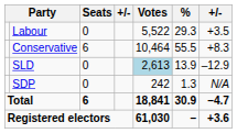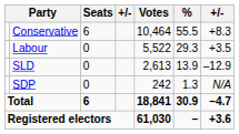 <table class="wikitable sortable">
 <tr>
 <th colspan="2">Party</th>
 <th>Seats</th>
 <th>+/-</th>
 <th>Votes</th>
 <th>%</th>
 <th>+/-</th>
+</tr>
+<tr>
+<td style="background-color: "></td>
+<td><a href='#'>Conservative</a></td>
+<td>6</td>
+<td></td>
+<td style="text-align:right;">10,464</td>
+<td style="text-align:right;">55.5</td>
+<td style="text-align:right;">+8.3</td>
 </tr>
 <tr>
 <td style="background-color: "></td>
 <td><a href='#'>Labour</a></td>
 <td>0</td>
 <td></td>
 <td style="text-align:right;">5,522</td>
 <td style="text-align:right;">29.3</td>
 <td style="text-align:right;">+3.5</td>
 </tr>
 <tr>
 <td style="background-color: "></td>
-<td><a href='#'>Conservative</a></td>
-<td>6</td>
-<td></td>
-<td style="text-align:right;">10,464</td>
-<td style="text-align:right;">55.5</td>
-<td style="text-align:right;">+8.3</td>
-</tr>
-<tr>
-<td style="background-color: "></td>
 <td><a href='#'>SLD</a></td>
 <td>0</td>
 <td></td>
-<td style="background: lightblue; text-align:right;">2,613</td>
+<td style="text-align:right;">2,613</td>
 <td style="text-align:right;">13.9</td>
 <td style="text-align:right;">–12.9</td>
 </tr>
 <tr>
 <td style="background-color: "></td>
 <td><a href='#'>SDP</a></td>
 <td>0</td>
 <td></td>
 <td style="text-align:right;">242</td>
 <td style="text-align:right;">1.3</td>
 <td style="text-align:right;"><em>N/A</em></td>
 </tr>
 <tr>
 <td colspan="2"><strong>Total</strong></td>
 <td><strong>6</strong></td>
 <td></td>
 <td style="text-align:right;"><strong>18,841</strong></td>
 <td style="text-align:right;"><strong>30.9</strong></td>
 <td style="text-align:right;"><strong>–4.7</strong></td>
 </tr>
 <tr>
 <td colspan="4"><strong>Registered electors</strong></td>
 <td style="text-align:right;"><strong>61,030</strong></td>
 <td style="text-align:right;"><strong>–</strong></td>
 <td style="text-align:right;"><strong>+3.6</strong></td>
 </tr>
 </table>
